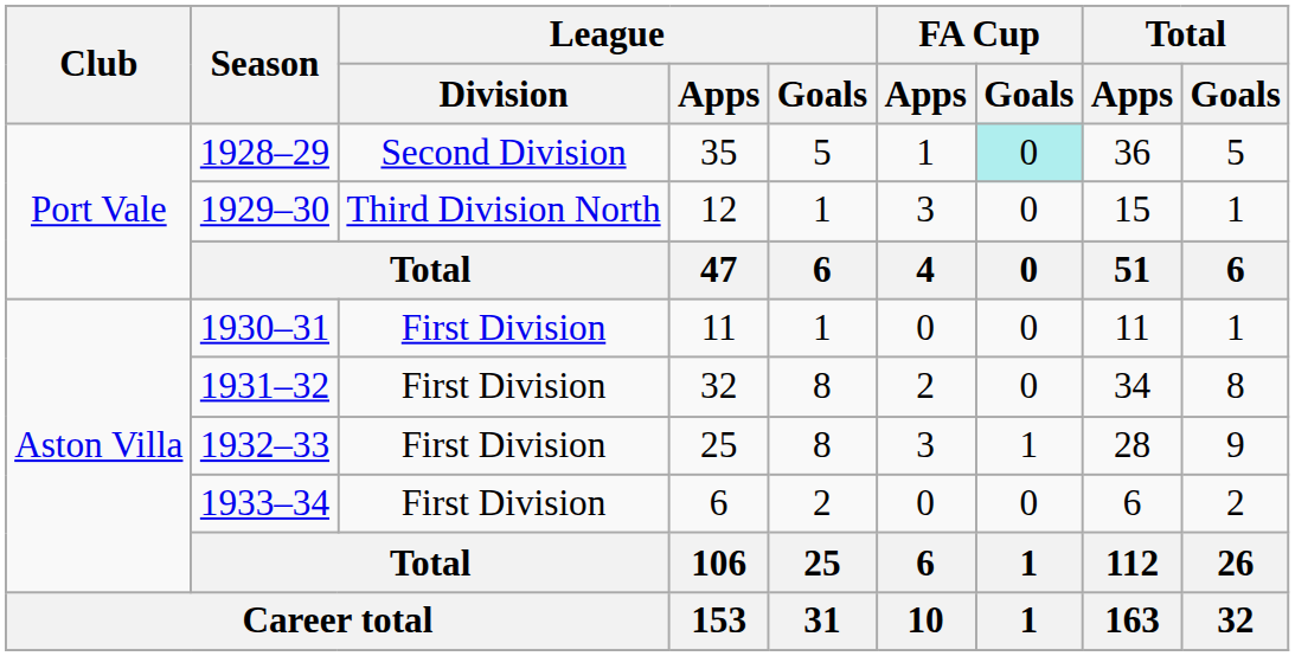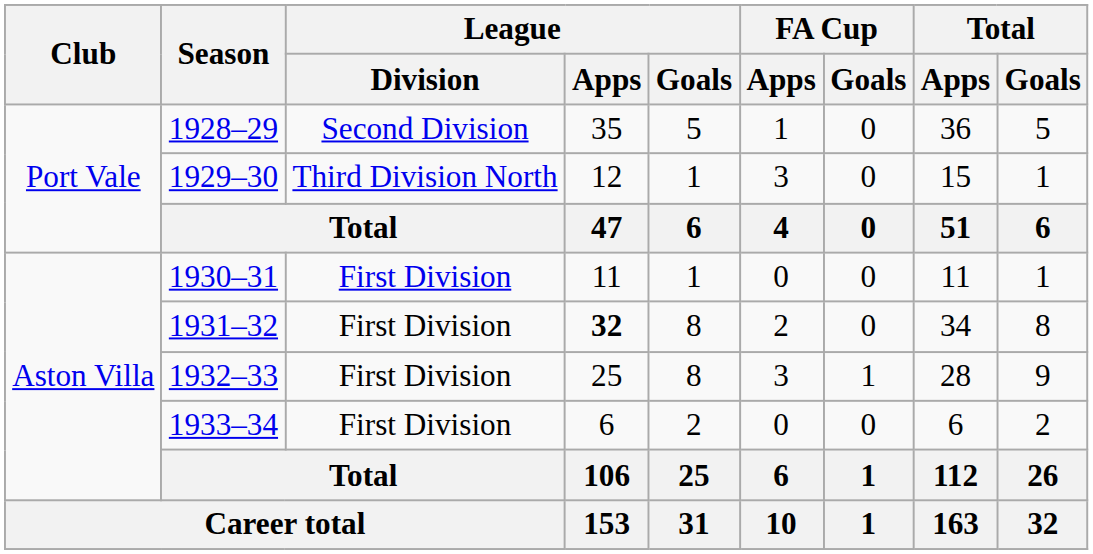 <table class="wikitable" style="text-align: center;">
 <tr>
 <th rowspan="2">Club</th>
 <th rowspan="2">Season</th>
 <th colspan="3">League</th>
 <th colspan="2">FA Cup</th>
 <th colspan="2">Total</th>
 </tr>
 <tr>
 <th>Division</th>
 <th>Apps</th>
 <th>Goals</th>
 <th>Apps</th>
 <th>Goals</th>
 <th>Apps</th>
 <th>Goals</th>
 </tr>
 <tr>
 <td rowspan="3"><a href='#'>Port Vale</a></td>
 <td><a href='#'>1928–29</a></td>
 <td><a href='#'>Second Division</a></td>
 <td>35</td>
 <td>5</td>
 <td>1</td>
-<td style="background: paleturquoise;">0</td>
+<td>0</td>
 <td>36</td>
 <td>5</td>
 </tr>
 <tr>
 <td><a href='#'>1929–30</a></td>
 <td><a href='#'>Third Division North</a></td>
 <td>12</td>
 <td>1</td>
 <td>3</td>
 <td>0</td>
 <td>15</td>
 <td>1</td>
 </tr>
 <tr>
 <th colspan="2">Total</th>
 <th>47</th>
 <th>6</th>
 <th>4</th>
 <th>0</th>
 <th>51</th>
 <th>6</th>
 </tr>
 <tr>
 <td rowspan="5"><a href='#'>Aston Villa</a></td>
 <td><a href='#'>1930–31</a></td>
 <td><a href='#'>First Division</a></td>
 <td>11</td>
 <td>1</td>
 <td>0</td>
 <td>0</td>
 <td>11</td>
 <td>1</td>
 </tr>
 <tr>
 <td><a href='#'>1931–32</a></td>
 <td>First Division</td>
-<td>32</td>
+<td><strong>32</strong></td>
 <td>8</td>
 <td>2</td>
 <td>0</td>
 <td>34</td>
 <td>8</td>
 </tr>
 <tr>
 <td><a href='#'>1932–33</a></td>
 <td>First Division</td>
 <td>25</td>
 <td>8</td>
 <td>3</td>
 <td>1</td>
 <td>28</td>
 <td>9</td>
 </tr>
 <tr>
 <td><a href='#'>1933–34</a></td>
 <td>First Division</td>
 <td>6</td>
 <td>2</td>
 <td>0</td>
 <td>0</td>
 <td>6</td>
 <td>2</td>
 </tr>
 <tr>
 <th colspan="2">Total</th>
 <th>106</th>
 <th>25</th>
 <th>6</th>
 <th>1</th>
 <th>112</th>
 <th>26</th>
 </tr>
 <tr>
 <th colspan="3">Career total</th>
 <th>153</th>
 <th>31</th>
 <th>10</th>
 <th>1</th>
 <th>163</th>
 <th>32</th>
 </tr>
 </table>
